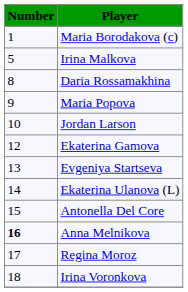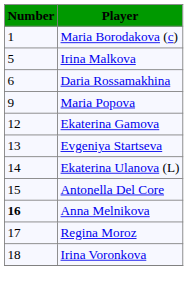 <table cellpadding="3" cellspacing="0" border="1" style="background: #f7f8ff; font-size: 95%; border: gray solid 1px; border-collapse: collapse;">
 <tr style="background: #009900">
 <td align=center><strong>Number</strong></td>
 <td align=center><strong>Player</strong></td>
 </tr>
 <tr align=left>
 <td>1</td>
 <td> <a href='#'>Maria Borodakova</a> (<a href='#'>c</a>)</td>
 </tr>
 <tr align="left">
 <td>5</td>
 <td> <a href='#'>Irina Malkova</a></td>
 </tr>
 <tr align="left">
-<td>8</td>
+<td>6</td>
 <td> <a href='#'>Daria Rossamakhina</a></td>
 </tr>
 <tr align="left">
 <td>9</td>
 <td> <a href='#'>Maria Popova</a></td>
-</tr>
-<tr align="left">
-<td>10</td>
-<td> <a href='#'>Jordan Larson</a></td>
 </tr>
 <tr align="left">
 <td>12</td>
 <td> <a href='#'>Ekaterina Gamova</a></td>
 </tr>
 <tr align="left">
 <td>13</td>
 <td> <a href='#'>Evgeniya Startseva</a></td>
 </tr>
 <tr align="left">
 <td>14</td>
 <td> <a href='#'>Ekaterina Ulanova</a> (L)</td>
 </tr>
 <tr align="left">
 <td>15</td>
 <td> <a href='#'>Antonella Del Core</a></td>
 </tr>
 <tr align="left">
 <td><strong>16</strong></td>
 <td> <a href='#'>Anna Melnikova</a></td>
 </tr>
 <tr align="left">
 <td>17</td>
 <td> <a href='#'>Regina Moroz</a></td>
 </tr>
 <tr align="left">
 <td>18</td>
 <td> <a href='#'>Irina Voronkova</a></td>
 </tr>
 <tr align="left">
 </tr>
 </table>
